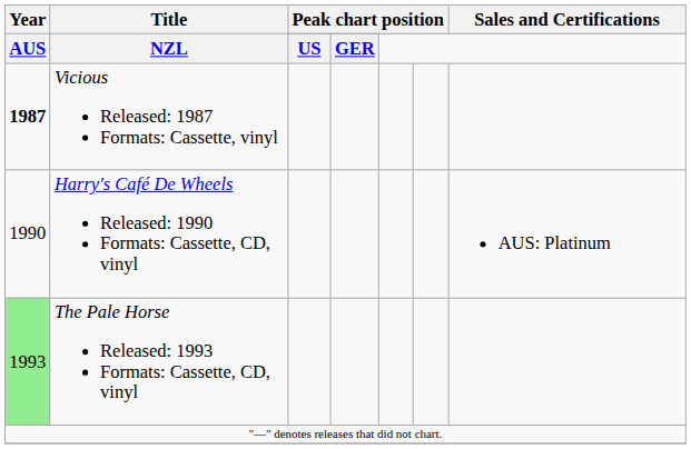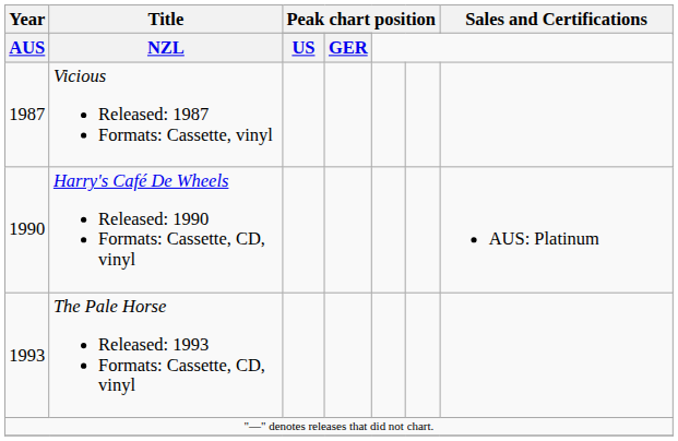 <table class="wikitable">
 <tr>
 <th width="25" rowspan="2">Year</th>
 <th width="200" rowspan="2">Title</th>
 <th colspan="4">Peak chart position</th>
 <th width="200" rowspan="2">Sales and Certifications</th>
 </tr>
 <tr>
 </tr>
 <tr bgcolor="#DDDDDD">
 <th width="30"><a href='#'>AUS</a><br></th>
 <th width="30"><a href='#'>NZL</a><br></th>
 <th width="30"><a href='#'>US</a></th>
 <th width="30"><a href='#'>GER</a></th>
 </tr>
 <tr>
-<td><strong>1987</strong></td>
+<td>1987</td>
 <td><em>Vicious</em><br><ul><li>Released: 1987</li><li>Formats: Cassette, vinyl</li></ul></td>
 <td></td>
 <td></td>
 <td></td>
 <td></td>
 <td></td>
 </tr>
 <tr>
 <td>1990</td>
 <td><em><a href='#'>Harry's Café De Wheels</a></em><br><ul><li>Released: 1990</li><li>Formats: Cassette, CD, vinyl</li></ul></td>
 <td></td>
 <td></td>
 <td></td>
 <td></td>
 <td><br><ul><li>AUS: Platinum</li></ul></td>
 </tr>
 <tr>
-<td style="background: lightgreen;">1993</td>
+<td>1993</td>
 <td><em>The Pale Horse</em><br><ul><li>Released: 1993</li><li>Formats: Cassette, CD, vinyl</li></ul></td>
 <td></td>
 <td></td>
 <td></td>
 <td></td>
 <td></td>
 </tr>
 <tr>
 <td align="center" colspan="7" style="font-size: 8pt">"—" denotes releases that did not chart.</td>
 </tr>
 <tr>
 </tr>
 </table>
